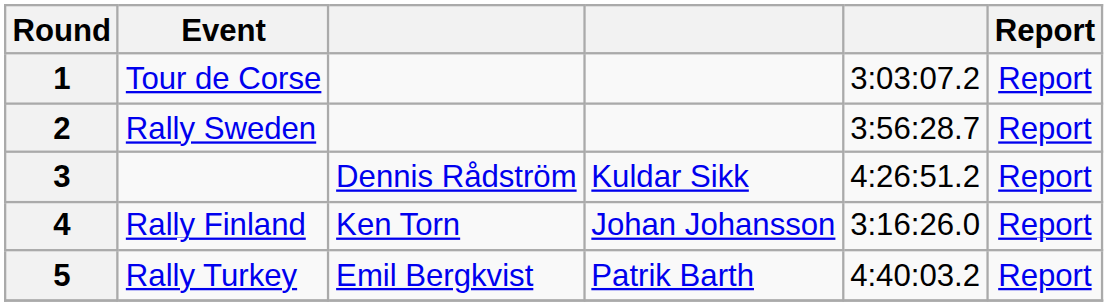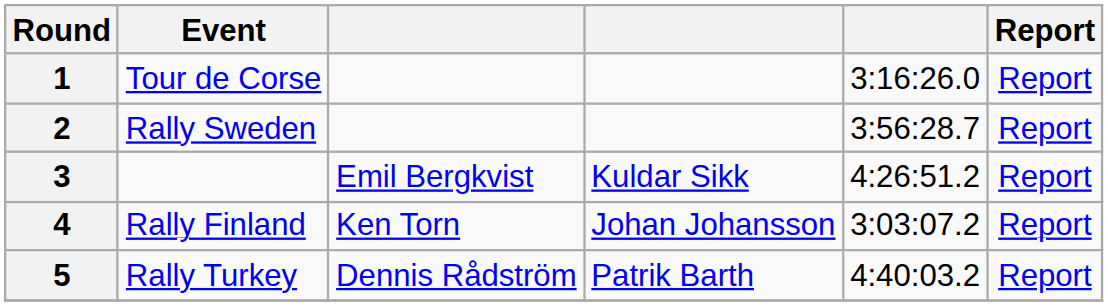 <table class="wikitable" style="font-size: 85%;">
 <tr>
 <th>Round</th>
 <th>Event</th>
 <th></th>
 <th></th>
 <th></th>
 <th>Report</th>
 </tr>
 <tr>
 <th>1</th>
 <td> <a href='#'>Tour de Corse</a></td>
 <td></td>
 <td></td>
-<td align="center">3:03:07.2</td>
+<td align="center">3:16:26.0</td>
 <td align="center"><a href='#'>Report</a></td>
 </tr>
 <tr>
 <th>2</th>
 <td> <a href='#'>Rally Sweden</a></td>
 <td></td>
 <td></td>
 <td align="center">3:56:28.7</td>
 <td align="center"><a href='#'>Report</a></td>
 </tr>
 <tr>
 <th>3</th>
 <td></td>
-<td> <a href='#'>Dennis Rådström</a></td>
+<td> <a href='#'>Emil Bergkvist</a></td>
 <td> <a href='#'>Kuldar Sikk</a></td>
 <td align="center">4:26:51.2</td>
 <td align="center"><a href='#'>Report</a></td>
 </tr>
 <tr>
 <th>4</th>
 <td> <a href='#'>Rally Finland</a></td>
 <td> <a href='#'>Ken Torn</a></td>
 <td> <a href='#'>Johan Johansson</a></td>
-<td align="center">3:16:26.0</td>
+<td align="center">3:03:07.2</td>
 <td align="center"><a href='#'>Report</a></td>
 </tr>
 <tr>
 <th>5</th>
 <td> <a href='#'>Rally Turkey</a></td>
-<td> <a href='#'>Emil Bergkvist</a></td>
+<td> <a href='#'>Dennis Rådström</a></td>
 <td> <a href='#'>Patrik Barth</a></td>
 <td align="center">4:40:03.2</td>
 <td align="center"><a href='#'>Report</a></td>
 </tr>
 <tr>
 </tr>
 </table>
